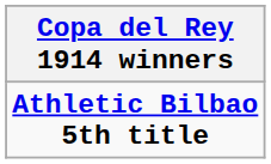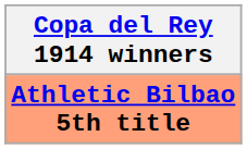 <table class="wikitable" style="text-align: center; margin: 0 auto;">
 <tr>
 <th><a href='#'>Copa del Rey</a><br>1914 winners</th>
 </tr>
 <tr>
-<td><strong><a href='#'>Athletic Bilbao</a></strong><br><strong>5th title</strong></td>
+<td style="background: lightsalmon;"><strong><a href='#'>Athletic Bilbao</a></strong><br><strong>5th title</strong></td>
 </tr>
 </table>
